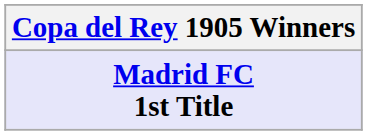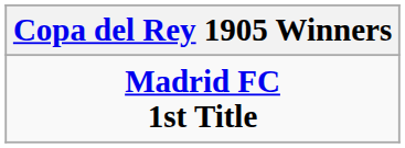 <table class="wikitable" style="text-align: center; margin: 0 auto;">
 <tr>
 <th><a href='#'>Copa del Rey</a> 1905 Winners</th>
 </tr>
 <tr>
-<td style="background: lavender;"><strong><a href='#'>Madrid FC</a></strong> <br> <strong>1st Title</strong></td>
+<td><strong><a href='#'>Madrid FC</a></strong> <br> <strong>1st Title</strong></td>
 </tr>
 </table>
